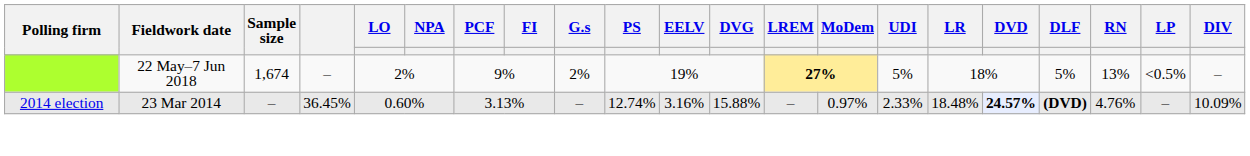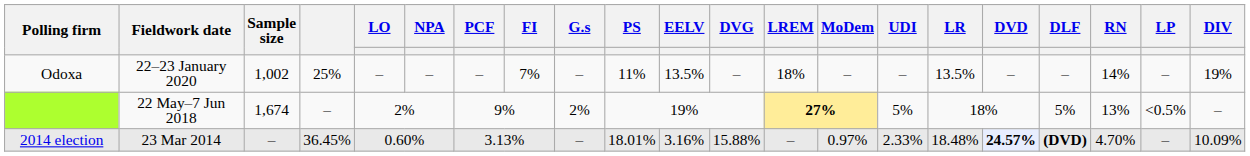 <table class="wikitable sortable" style="text-align:center;font-size:90%;line-height:14px;">
 <tr style="height:40px;">
 <th style="width:100px;" rowspan="2">Polling firm</th>
 <th style="width:110px;" rowspan="2">Fieldwork date</th>
 <th style="width:35px;" rowspan="2">Sample<br>size</th>
 <th style="width:30px;" rowspan="2"></th>
 <th class="unsortable" style="width:40px;"><a href='#'>LO</a></th>
 <th class="unsortable" style="width:40px;"><a href='#'>NPA</a></th>
 <th class="unsortable" style="width:40px;"><a href='#'>PCF</a></th>
 <th class="unsortable" style="width:40px;"><a href='#'>FI</a></th>
 <th class="unsortable" style="width:40px;"><a href='#'>G.s</a></th>
 <th class="unsortable" style="width:40px;"><a href='#'>PS</a></th>
 <th class="unsortable" style="width:40px;"><a href='#'>EELV</a></th>
 <th class="unsortable" style="width:40px;"><a href='#'>DVG</a></th>
 <th class="unsortable" style="width:40px;"><a href='#'>LREM</a></th>
 <th class="unsortable" style="width:40px;"><a href='#'>MoDem</a></th>
 <th class="unsortable" style="width:40px;"><a href='#'>UDI</a></th>
 <th class="unsortable" style="width:40px;"><a href='#'>LR</a></th>
 <th class="unsortable" style="width:40px;"><a href='#'>DVD</a></th>
 <th class="unsortable" style="width:40px;"><a href='#'>DLF</a></th>
 <th class="unsortable" style="width:40px;"><a href='#'>RN</a></th>
 <th class="unsortable" style="width:40px;"><a href='#'>LP</a></th>
 <th class="unsortable" style="width:40px;"><a href='#'>DIV</a></th>
 </tr>
 <tr>
 <th style="background:"></th>
 <th style="background:"></th>
 <th style="background:"></th>
 <th style="background:"></th>
 <th style="background:"></th>
 <th style="background:"></th>
 <th style="background:"></th>
 <th style="background:"></th>
 <th style="background:"></th>
 <th style="background:"></th>
 <th style="background:"></th>
 <th style="background:"></th>
 <th style="background:"></th>
 <th style="background:"></th>
 <th style="background:"></th>
 <th style="background:"></th>
 <th style="background:"></th>
 </tr>
 <tr>
+<td>Odoxa</td>
+<td>22–23 January 2020</td>
+<td>1,002</td>
+<td>25%</td>
+<td>–</td>
+<td>–</td>
+<td>–</td>
+<td>7%</td>
+<td>–</td>
+<td>11%</td>
+<td>13.5%</td>
+<td>–</td>
+<td>18%</td>
+<td>–</td>
+<td>–</td>
+<td>13.5%</td>
+<td>–</td>
+<td>–</td>
+<td>14%</td>
+<td>–</td>
+<td>19%</td>
+</tr>
+<tr>
 <td style="background:GreenYellow;"></td>
 <td data-sort-value="2018-06-07">22 May–7 Jun 2018</td>
 <td>1,674</td>
 <td>–</td>
 <td colspan="2">2%</td>
 <td colspan="2">9%</td>
 <td>2%</td>
 <td colspan="3">19%</td>
 <td style="background:#FFED99;" colspan="2"><strong>27%</strong></td>
 <td>5%</td>
 <td colspan="2">18%</td>
 <td>5%</td>
 <td>13%</td>
 <td data-sort-value="0%"><0.5%</td>
 <td>–</td>
 </tr>
 <tr style="background:#E9E9E9;">
 <td><a href='#'>2014 election</a></td>
 <td data-sort-value="2014-03-23">23 Mar 2014</td>
 <td>–</td>
 <td>36.45%</td>
 <td colspan="2">0.60%</td>
 <td colspan="2">3.13%</td>
 <td>–</td>
-<td>12.74%</td>
+<td>18.01%</td>
 <td>3.16%</td>
 <td>15.88%</td>
 <td>–</td>
 <td>0.97%</td>
 <td>2.33%</td>
 <td>18.48%</td>
 <td style="background:#E7EDFE;"><strong>24.57%</strong></td>
 <td><strong>(DVD)</strong></td>
-<td>4.76%</td>
+<td>4.70%</td>
 <td>–</td>
 <td>10.09%</td>
 </tr>
 </table>
